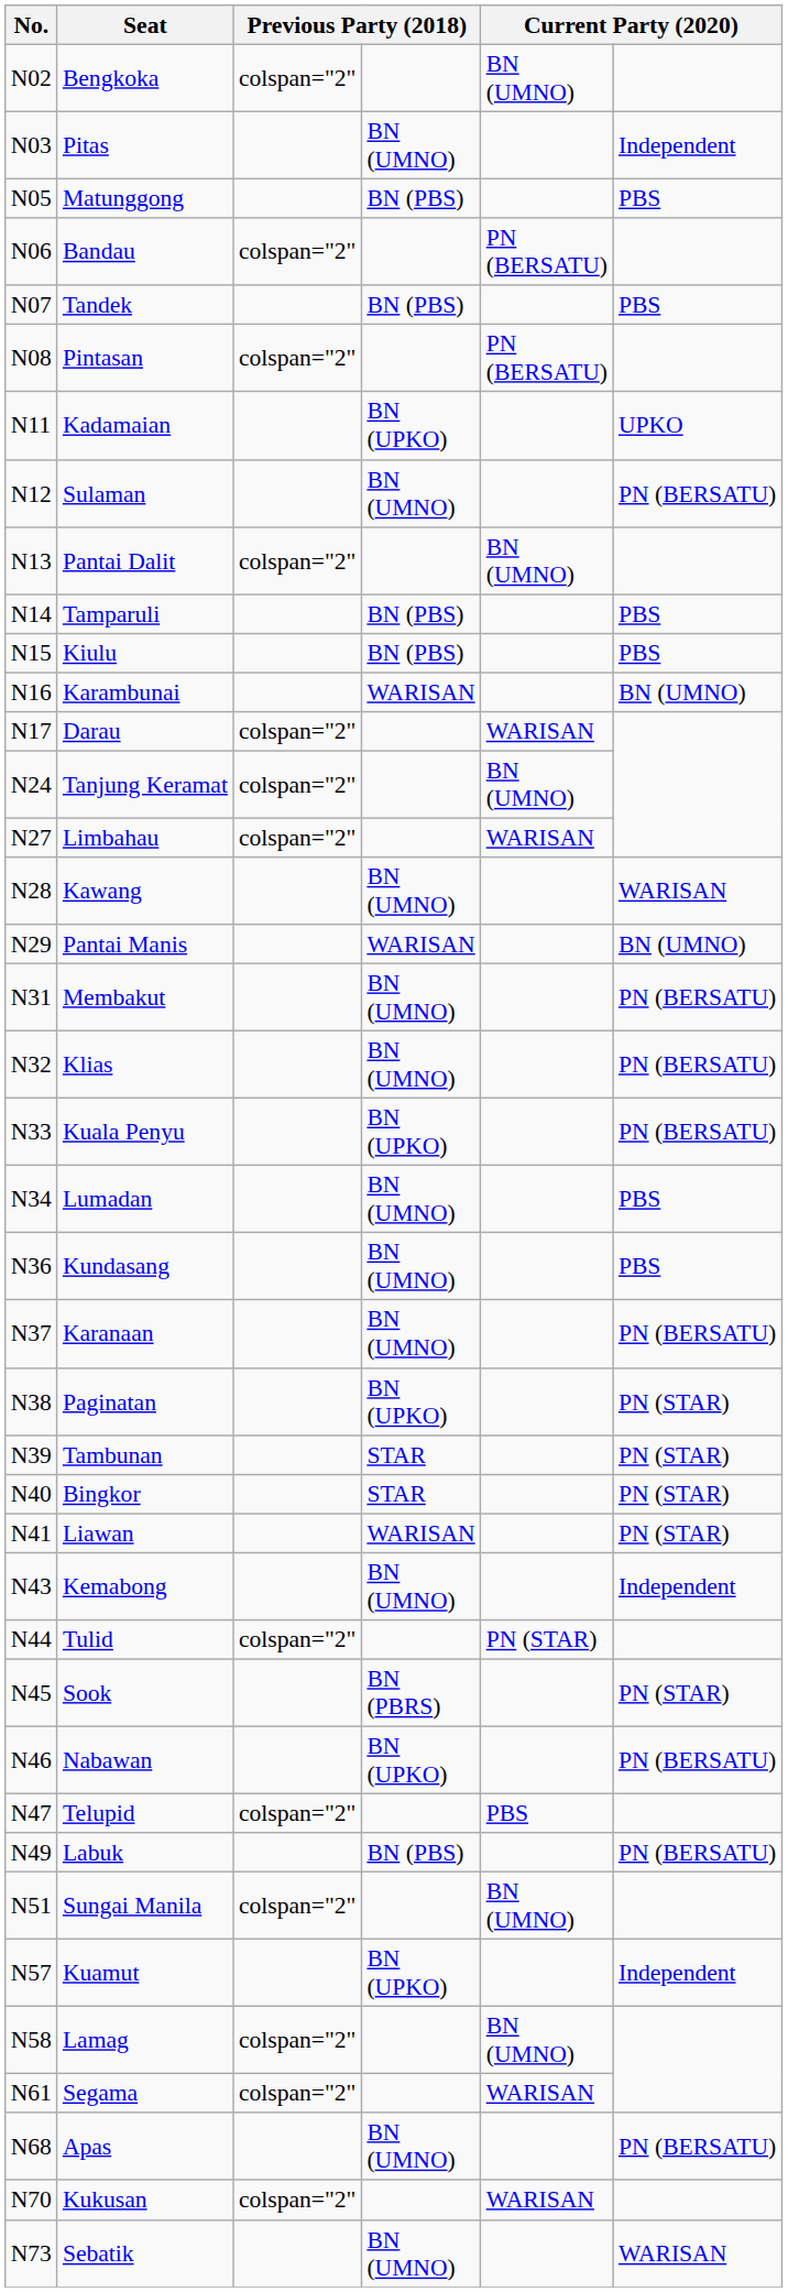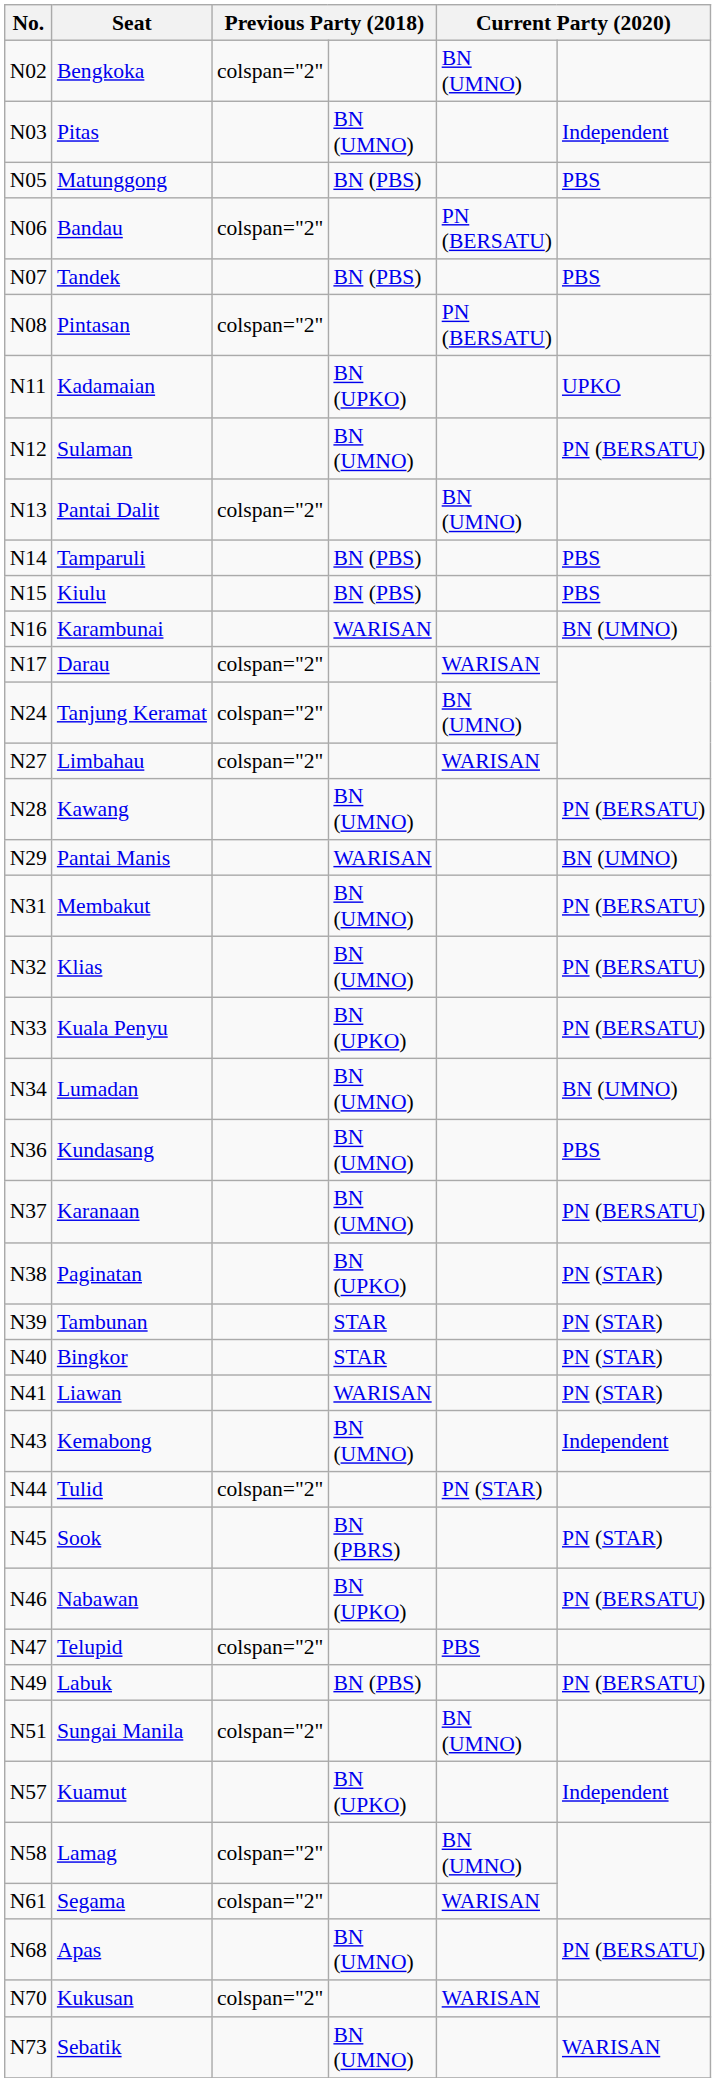 <table class="wikitable sortable" style="font-size:95%;">
 <tr>
 <th scope="col">No.</th>
 <th scope="col">Seat</th>
 <th colspan="2" scope="col">Previous Party (2018)</th>
 <th colspan="2" scope="col">Current Party (2020)</th>
 </tr>
 <tr>
 <td>N02</td>
 <td> <a href='#'>Bengkoka</a></td>
 <td>colspan="2" </td>
 <td width="1"></td>
 <td><a href='#'>BN</a> (<a href='#'>UMNO</a>)</td>
 </tr>
 <tr>
 <td>N03</td>
 <td> <a href='#'>Pitas</a></td>
 <td width="1"></td>
 <td><a href='#'>BN</a> (<a href='#'>UMNO</a>)</td>
 <td width="1" ></td>
 <td><a href='#'>Independent</a></td>
 </tr>
 <tr>
 <td>N05</td>
 <td> <a href='#'>Matunggong</a></td>
 <td width="1"></td>
 <td><a href='#'>BN</a> (<a href='#'>PBS</a>)</td>
 <td width="1" ></td>
 <td><a href='#'>PBS</a></td>
 </tr>
 <tr>
 <td>N06</td>
 <td> <a href='#'>Bandau</a></td>
 <td>colspan="2" </td>
 <td width="1" ></td>
 <td><a href='#'>PN</a> (<a href='#'>BERSATU</a>)</td>
 </tr>
 <tr>
 <td>N07</td>
 <td> <a href='#'>Tandek</a></td>
 <td width="1"></td>
 <td><a href='#'>BN</a> (<a href='#'>PBS</a>)</td>
 <td width="1" ></td>
 <td><a href='#'>PBS</a></td>
 </tr>
 <tr>
 <td>N08</td>
 <td> <a href='#'>Pintasan</a></td>
 <td>colspan="2" </td>
 <td width="1" ></td>
 <td><a href='#'>PN</a> (<a href='#'>BERSATU</a>)</td>
 </tr>
 <tr>
 <td>N11</td>
 <td> <a href='#'>Kadamaian</a></td>
 <td width="1"></td>
 <td><a href='#'>BN</a> (<a href='#'>UPKO</a>)</td>
 <td width="1"></td>
 <td><a href='#'>UPKO</a></td>
 </tr>
 <tr>
 <td>N12</td>
 <td> <a href='#'>Sulaman</a></td>
 <td width="1"></td>
 <td><a href='#'>BN</a> (<a href='#'>UMNO</a>)</td>
 <td width="1" ></td>
 <td><a href='#'>PN</a> (<a href='#'>BERSATU</a>)</td>
 </tr>
 <tr>
 <td>N13</td>
 <td> <a href='#'>Pantai Dalit</a></td>
 <td>colspan="2" </td>
 <td width="1"></td>
 <td><a href='#'>BN</a> (<a href='#'>UMNO</a>)</td>
 </tr>
 <tr>
 <td>N14</td>
 <td> <a href='#'>Tamparuli</a></td>
 <td width="1"></td>
 <td><a href='#'>BN</a> (<a href='#'>PBS</a>)</td>
 <td width="1" ></td>
 <td><a href='#'>PBS</a></td>
 </tr>
 <tr>
 <td>N15</td>
 <td> <a href='#'>Kiulu</a></td>
 <td width="1"></td>
 <td><a href='#'>BN</a> (<a href='#'>PBS</a>)</td>
 <td width="1" ></td>
 <td><a href='#'>PBS</a></td>
 </tr>
 <tr>
 <td>N16</td>
 <td> <a href='#'>Karambunai</a></td>
 <td width="1"></td>
 <td><a href='#'>WARISAN</a></td>
 <td width="1"></td>
 <td><a href='#'>BN</a> (<a href='#'>UMNO</a>)</td>
 </tr>
 <tr>
 <td>N17</td>
 <td> <a href='#'>Darau</a></td>
 <td>colspan="2" </td>
 <td width="1"></td>
 <td><a href='#'>WARISAN</a></td>
 </tr>
 <tr>
 <td>N24</td>
 <td> <a href='#'>Tanjung Keramat</a></td>
 <td>colspan="2" </td>
 <td width="1"></td>
 <td><a href='#'>BN</a> (<a href='#'>UMNO</a>)</td>
 </tr>
 <tr>
 <td>N27</td>
 <td> <a href='#'>Limbahau</a></td>
 <td>colspan="2" </td>
 <td width="1"></td>
 <td><a href='#'>WARISAN</a></td>
 </tr>
 <tr>
 <td>N28</td>
 <td> <a href='#'>Kawang</a></td>
 <td width="1"></td>
 <td><a href='#'>BN</a> (<a href='#'>UMNO</a>)</td>
 <td width="1" ></td>
-<td><a href='#'>WARISAN</a></td>
+<td><a href='#'>PN</a> (<a href='#'>BERSATU</a>)</td>
 </tr>
 <tr>
 <td>N29</td>
 <td> <a href='#'>Pantai Manis</a></td>
 <td width="1"></td>
 <td><a href='#'>WARISAN</a></td>
 <td width="1"></td>
 <td><a href='#'>BN</a> (<a href='#'>UMNO</a>)</td>
 </tr>
 <tr>
 <td>N31</td>
 <td> <a href='#'>Membakut</a></td>
 <td width="1"></td>
 <td><a href='#'>BN</a> (<a href='#'>UMNO</a>)</td>
 <td width="1" ></td>
 <td><a href='#'>PN</a> (<a href='#'>BERSATU</a>)</td>
 </tr>
 <tr>
 <td>N32</td>
 <td> <a href='#'>Klias</a></td>
 <td width="1"></td>
 <td><a href='#'>BN</a> (<a href='#'>UMNO</a>)</td>
 <td width="1" ></td>
 <td><a href='#'>PN</a> (<a href='#'>BERSATU</a>)</td>
 </tr>
 <tr>
 <td>N33</td>
 <td> <a href='#'>Kuala Penyu</a></td>
 <td width="1"></td>
 <td><a href='#'>BN</a> (<a href='#'>UPKO</a>)</td>
 <td width="1" ></td>
 <td><a href='#'>PN</a> (<a href='#'>BERSATU</a>)</td>
 </tr>
 <tr>
 <td>N34</td>
 <td> <a href='#'>Lumadan</a></td>
 <td width="1"></td>
 <td><a href='#'>BN</a> (<a href='#'>UMNO</a>)</td>
 <td width="1" ></td>
-<td><a href='#'>PBS</a></td>
+<td><a href='#'>BN</a> (<a href='#'>UMNO</a>)</td>
 </tr>
 <tr>
 <td>N36</td>
 <td> <a href='#'>Kundasang</a></td>
 <td width="1"></td>
 <td><a href='#'>BN</a> (<a href='#'>UMNO</a>)</td>
 <td width="1" ></td>
 <td><a href='#'>PBS</a></td>
 </tr>
 <tr>
 <td>N37</td>
 <td> <a href='#'>Karanaan</a></td>
 <td width="1"></td>
 <td><a href='#'>BN</a> (<a href='#'>UMNO</a>)</td>
 <td width="1" ></td>
 <td><a href='#'>PN</a> (<a href='#'>BERSATU</a>)</td>
 </tr>
 <tr>
 <td>N38</td>
 <td> <a href='#'>Paginatan</a></td>
 <td width="1"></td>
 <td><a href='#'>BN</a> (<a href='#'>UPKO</a>)</td>
 <td width="1" ></td>
 <td><a href='#'>PN</a> (<a href='#'>STAR</a>)</td>
 </tr>
 <tr>
 <td>N39</td>
 <td> <a href='#'>Tambunan</a></td>
 <td width="1" ></td>
 <td><a href='#'>STAR</a></td>
 <td width="1" ></td>
 <td><a href='#'>PN</a> (<a href='#'>STAR</a>)</td>
 </tr>
 <tr>
 <td>N40</td>
 <td> <a href='#'>Bingkor</a></td>
 <td width="1" ></td>
 <td><a href='#'>STAR</a></td>
 <td width="1" ></td>
 <td><a href='#'>PN</a> (<a href='#'>STAR</a>)</td>
 </tr>
 <tr>
 <td>N41</td>
 <td> <a href='#'>Liawan</a></td>
 <td width="1"></td>
 <td><a href='#'>WARISAN</a></td>
 <td width="1" ></td>
 <td><a href='#'>PN</a> (<a href='#'>STAR</a>)</td>
 </tr>
 <tr>
 <td>N43</td>
 <td> <a href='#'>Kemabong</a></td>
 <td width="1"></td>
 <td><a href='#'>BN</a> (<a href='#'>UMNO</a>)</td>
 <td width="1" ></td>
 <td><a href='#'>Independent</a></td>
 </tr>
 <tr>
 <td>N44</td>
 <td> <a href='#'>Tulid</a></td>
 <td>colspan="2" </td>
 <td width="1" ></td>
 <td><a href='#'>PN</a> (<a href='#'>STAR</a>)</td>
 </tr>
 <tr>
 <td>N45</td>
 <td> <a href='#'>Sook</a></td>
 <td width="1"></td>
 <td><a href='#'>BN</a> (<a href='#'>PBRS</a>)</td>
 <td width="1" ></td>
 <td><a href='#'>PN</a> (<a href='#'>STAR</a>)</td>
 </tr>
 <tr>
 <td>N46</td>
 <td> <a href='#'>Nabawan</a></td>
 <td width="1"></td>
 <td><a href='#'>BN</a> (<a href='#'>UPKO</a>)</td>
 <td width="1" ></td>
 <td><a href='#'>PN</a> (<a href='#'>BERSATU</a>)</td>
 </tr>
 <tr>
 <td>N47</td>
 <td> <a href='#'>Telupid</a></td>
 <td>colspan="2" </td>
 <td width="1" ></td>
 <td><a href='#'>PBS</a></td>
 </tr>
 <tr>
 <td>N49</td>
 <td> <a href='#'>Labuk</a></td>
 <td width="1"></td>
 <td><a href='#'>BN</a> (<a href='#'>PBS</a>)</td>
 <td width="1" ></td>
 <td><a href='#'>PN</a> (<a href='#'>BERSATU</a>)</td>
 </tr>
 <tr>
 <td>N51</td>
 <td> <a href='#'>Sungai Manila</a></td>
 <td>colspan="2" </td>
 <td width="1"></td>
 <td><a href='#'>BN</a> (<a href='#'>UMNO</a>)</td>
 </tr>
 <tr>
 <td>N57</td>
 <td> <a href='#'>Kuamut</a></td>
 <td width="1"></td>
 <td><a href='#'>BN</a> (<a href='#'>UPKO</a>)</td>
 <td width="1" ></td>
 <td><a href='#'>Independent</a></td>
 </tr>
 <tr>
 <td>N58</td>
 <td> <a href='#'>Lamag</a></td>
 <td>colspan="2" </td>
 <td width="1"></td>
 <td><a href='#'>BN</a> (<a href='#'>UMNO</a>)</td>
 </tr>
 <tr>
 <td>N61</td>
 <td> <a href='#'>Segama</a></td>
 <td>colspan="2" </td>
 <td width="1"></td>
 <td><a href='#'>WARISAN</a></td>
 </tr>
 <tr>
 <td>N68</td>
 <td> <a href='#'>Apas</a></td>
 <td width="1"></td>
 <td><a href='#'>BN</a> (<a href='#'>UMNO</a>)</td>
 <td width="1" ></td>
 <td><a href='#'>PN</a> (<a href='#'>BERSATU</a>)</td>
 </tr>
 <tr>
 <td>N70</td>
 <td> <a href='#'>Kukusan</a></td>
 <td>colspan="2" </td>
 <td width="1"></td>
 <td><a href='#'>WARISAN</a></td>
 </tr>
 <tr>
 <td>N73</td>
 <td> <a href='#'>Sebatik</a></td>
 <td width="1"></td>
 <td><a href='#'>BN</a> (<a href='#'>UMNO</a>)</td>
 <td width="1"></td>
 <td><a href='#'>WARISAN</a></td>
 </tr>
 </table>
